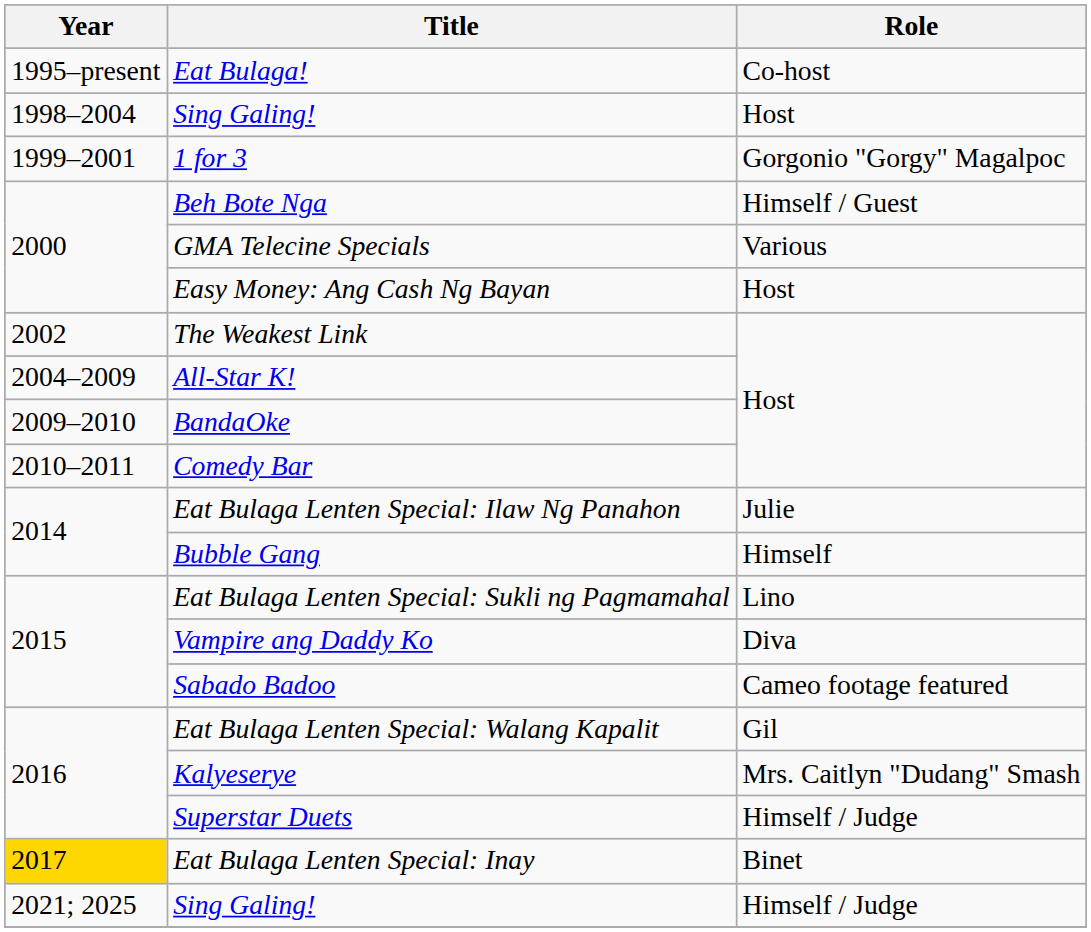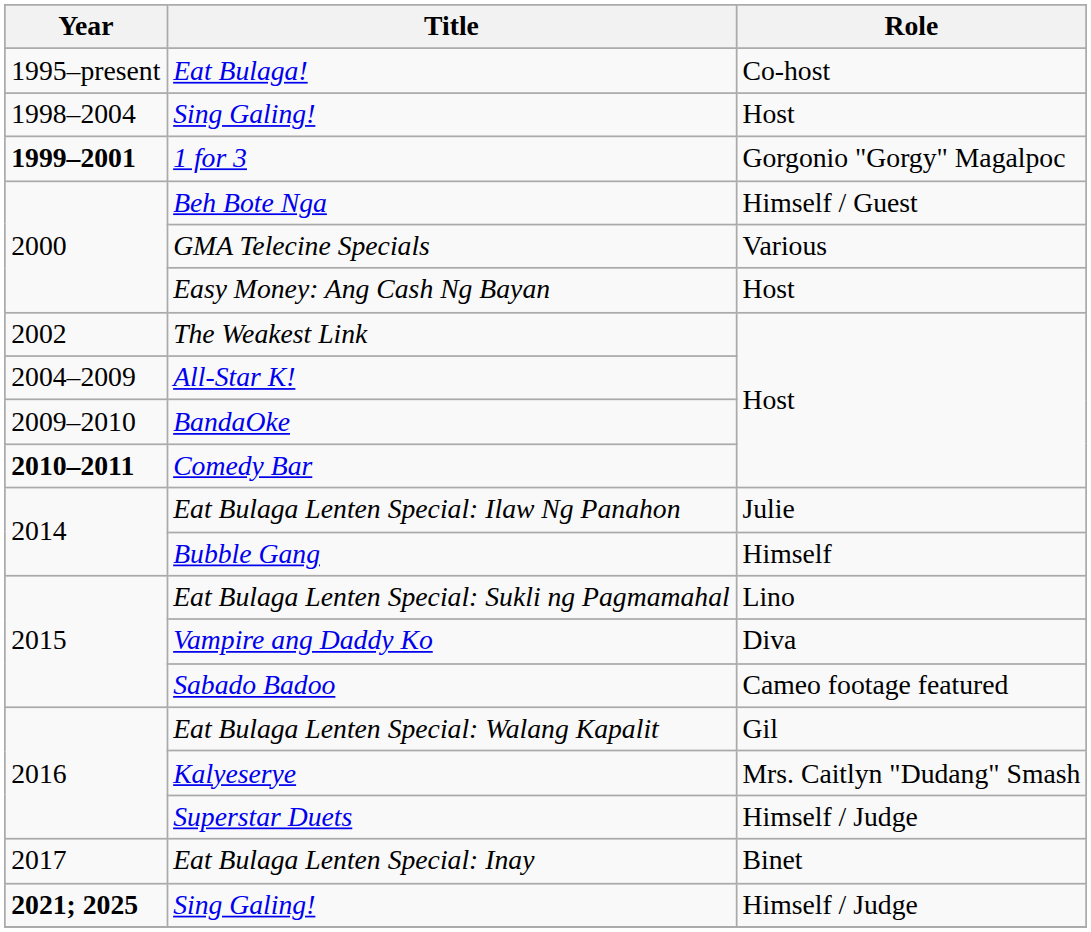 <table class="wikitable">
 <tr>
 <th>Year</th>
 <th>Title</th>
 <th>Role</th>
 </tr>
 <tr>
 <td>1995–present</td>
 <td><em><a href='#'>Eat Bulaga!</a></em></td>
 <td>Co-host</td>
 </tr>
 <tr>
 <td>1998–2004</td>
 <td><em><a href='#'>Sing Galing!</a></em></td>
 <td>Host</td>
 </tr>
 <tr>
-<td>1999–2001</td>
+<td><strong>1999–2001</strong></td>
 <td><em><a href='#'>1 for 3</a></em></td>
 <td>Gorgonio "Gorgy" Magalpoc</td>
 </tr>
 <tr>
 <td rowspan="3">2000</td>
 <td><em><a href='#'>Beh Bote Nga</a></em></td>
 <td>Himself / Guest</td>
 </tr>
 <tr>
 <td><em>GMA Telecine Specials</em></td>
 <td>Various</td>
 </tr>
 <tr>
 <td><em>Easy Money: Ang Cash Ng Bayan</em></td>
 <td>Host</td>
 </tr>
 <tr>
 <td>2002</td>
 <td><em>The Weakest Link</em></td>
 <td rowspan="4">Host</td>
 </tr>
 <tr>
 <td>2004–2009</td>
 <td><em><a href='#'>All-Star K!</a></em></td>
 </tr>
 <tr>
 <td>2009–2010</td>
 <td><em><a href='#'>BandaOke</a></em></td>
 </tr>
 <tr>
-<td>2010–2011</td>
+<td><strong>2010–2011</strong></td>
 <td><em><a href='#'>Comedy Bar</a></em></td>
 </tr>
 <tr>
 <td rowspan="2">2014</td>
 <td><em>Eat Bulaga Lenten Special: Ilaw Ng Panahon</em></td>
 <td>Julie</td>
 </tr>
 <tr>
 <td><em><a href='#'>Bubble Gang</a></em></td>
 <td>Himself</td>
 </tr>
 <tr>
 <td rowspan="3">2015</td>
 <td><em>Eat Bulaga Lenten Special: Sukli ng Pagmamahal</em></td>
 <td>Lino</td>
 </tr>
 <tr>
 <td><em><a href='#'>Vampire ang Daddy Ko</a></em></td>
 <td>Diva</td>
 </tr>
 <tr>
 <td><em><a href='#'>Sabado Badoo</a></em></td>
 <td>Cameo footage featured</td>
 </tr>
 <tr>
 <td rowspan="3">2016</td>
 <td><em>Eat Bulaga Lenten Special: Walang Kapalit</em></td>
 <td>Gil</td>
 </tr>
 <tr>
 <td><em><a href='#'>Kalyeserye</a></em></td>
 <td>Mrs. Caitlyn "Dudang" Smash</td>
 </tr>
 <tr>
 <td><em><a href='#'>Superstar Duets</a></em></td>
 <td>Himself / Judge</td>
 </tr>
 <tr>
-<td style="background: gold;">2017</td>
+<td>2017</td>
 <td><em>Eat Bulaga Lenten Special: Inay</em></td>
 <td>Binet</td>
 </tr>
 <tr>
-<td>2021; 2025</td>
+<td><strong>2021; 2025</strong></td>
 <td><em><a href='#'>Sing Galing!</a></em></td>
 <td>Himself / Judge</td>
 </tr>
 <tr>
 </tr>
 </table>
